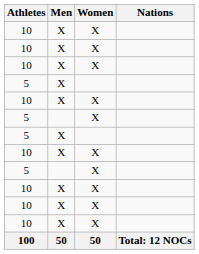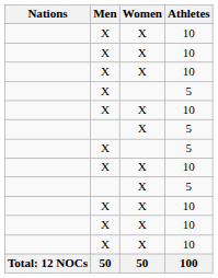 <table class="wikitable sortable" style="text-align:center;">
 <tr>
-<th>Athletes</th>
+<th>Nations</th>
 <th>Men</th>
 <th>Women</th>
-<th>Nations</th>
+<th>Athletes</th>
 </tr>
 <tr>
-<td>10</td>
+<td align="left"></td>
 <td>X</td>
 <td>X</td>
-<td align="left"></td>
+<td>10</td>
 </tr>
 <tr>
-<td>10</td>
+<td align="left"></td>
 <td>X</td>
 <td>X</td>
-<td align="left"></td>
+<td>10</td>
 </tr>
 <tr>
-<td>10</td>
+<td align="left"></td>
 <td>X</td>
 <td>X</td>
-<td align="left"></td>
+<td>10</td>
 </tr>
 <tr>
-<td>5</td>
+<td align="left"></td>
 <td>X</td>
 <td></td>
-<td align="left"></td>
+<td>5</td>
 </tr>
 <tr>
-<td>10</td>
+<td align="left"></td>
 <td>X</td>
 <td>X</td>
-<td align="left"></td>
+<td>10</td>
 </tr>
 <tr>
-<td>5</td>
+<td align="left"></td>
 <td></td>
 <td>X</td>
-<td align="left"></td>
+<td>5</td>
 </tr>
 <tr>
-<td>5</td>
+<td align="left"></td>
 <td>X</td>
 <td></td>
-<td align="left"></td>
+<td>5</td>
 </tr>
 <tr>
-<td>10</td>
+<td align="left"></td>
 <td>X</td>
 <td>X</td>
-<td align="left"></td>
+<td>10</td>
 </tr>
 <tr>
-<td>5</td>
+<td align="left"></td>
 <td></td>
 <td>X</td>
-<td align="left"></td>
+<td>5</td>
 </tr>
 <tr>
-<td>10</td>
+<td align="left"></td>
 <td>X</td>
 <td>X</td>
-<td align="left"></td>
+<td>10</td>
 </tr>
 <tr>
-<td>10</td>
+<td align="left"></td>
 <td>X</td>
 <td>X</td>
-<td align="left"></td>
+<td>10</td>
 </tr>
 <tr>
-<td>10</td>
+<td align="left"></td>
 <td>X</td>
 <td>X</td>
-<td align="left"></td>
+<td>10</td>
 </tr>
 <tr>
-<th>100</th>
+<th>Total: 12 NOCs</th>
 <th>50</th>
 <th>50</th>
-<th>Total: 12 NOCs</th>
+<th>100</th>
 </tr>
 </table>
